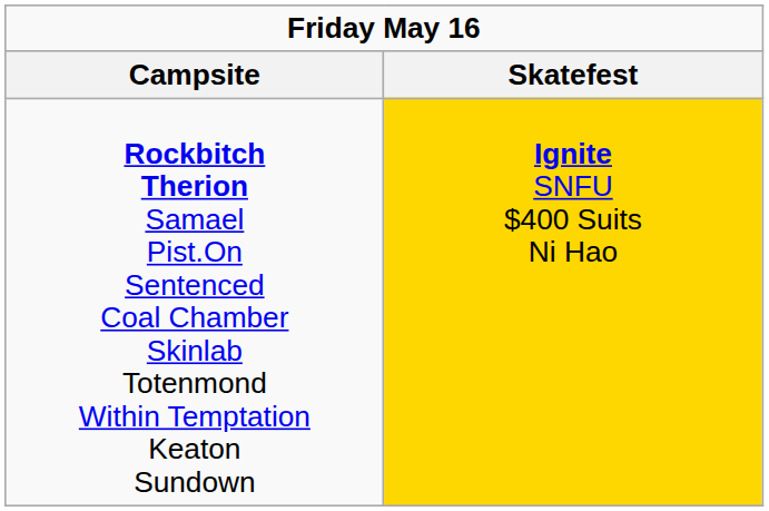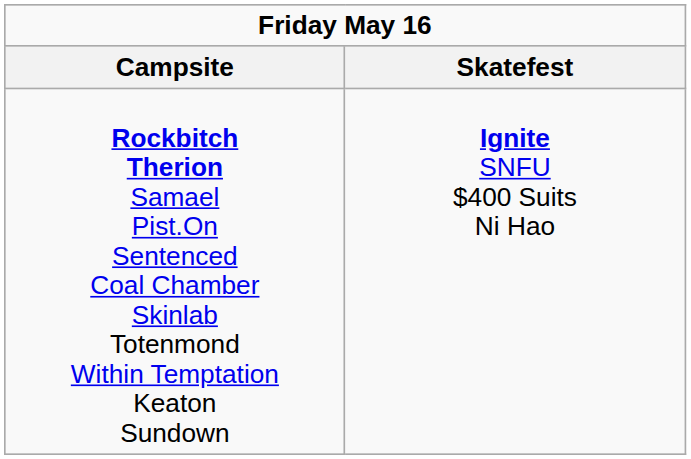 <table class="wikitable">
 <tr>
 <td colspan="3" align="center"><strong>Friday May 16</strong></td>
 </tr>
 <tr>
 <th>Campsite</th>
 <th>Skatefest</th>
 </tr>
 <tr>
 <td valign="top" align="center" width=200><br><strong><a href='#'>Rockbitch</a></strong> <br><strong><a href='#'>Therion</a></strong> <br><a href='#'>Samael</a> <br><a href='#'>Pist.On</a> <br><a href='#'>Sentenced</a> <br><a href='#'>Coal Chamber</a> <br><a href='#'>Skinlab</a> <br>Totenmond <br><a href='#'>Within Temptation</a> <br>Keaton <br>Sundown</td>
-<td valign="top" align="center" width=200 style="background: gold;"><br><strong><a href='#'>Ignite</a></strong> <br><a href='#'>SNFU</a> <br>$400 Suits <br>Ni Hao</td>
+<td valign="top" align="center" width=200><br><strong><a href='#'>Ignite</a></strong> <br><a href='#'>SNFU</a> <br>$400 Suits <br>Ni Hao</td>
 </tr>
 </table>
